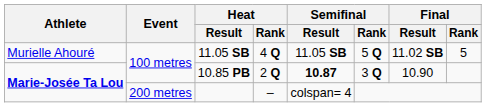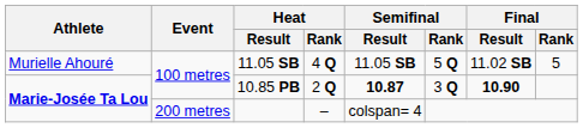 <table class="wikitable" style="font-size:90%">
 <tr>
 <th rowspan="2">Athlete</th>
 <th rowspan="2">Event</th>
 <th colspan="2">Heat</th>
 <th colspan="2">Semifinal</th>
 <th colspan="2">Final</th>
 </tr>
 <tr style="font-size:95%">
 <th>Result</th>
 <th>Rank</th>
 <th>Result</th>
 <th>Rank</th>
 <th>Result</th>
 <th>Rank</th>
 </tr>
 <tr style=text-align:center>
 <td style=text-align:left><a href='#'>Murielle Ahouré</a></td>
 <td style=text-align:left rowspan=2><a href='#'>100 metres</a></td>
 <td>11.05 <strong>SB</strong></td>
 <td>4 <strong>Q</strong></td>
 <td>11.05 <strong>SB</strong></td>
 <td>5 <strong>Q</strong></td>
 <td>11.02 <strong>SB</strong></td>
 <td>5</td>
 </tr>
 <tr style=text-align:center>
 <td style=text-align:left rowspan=2><strong><a href='#'>Marie-Josée Ta Lou</a></strong></td>
 <td>10.85 <strong>PB</strong></td>
 <td>2 <strong>Q</strong></td>
 <td><strong>10.87</strong></td>
 <td>3 <strong>Q</strong></td>
-<td>10.90</td>
+<td><strong>10.90</strong></td>
 <td></td>
 </tr>
 <tr style=text-align:center>
 <td style=text-align:left rowspan=1><a href='#'>200 metres</a></td>
 <td></td>
 <td>–</td>
 <td>colspan= 4 </td>
 </tr>
 </table>
